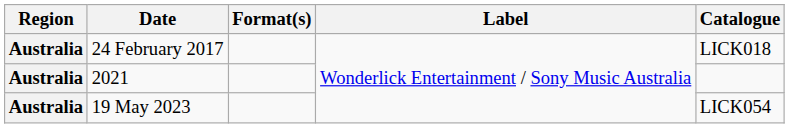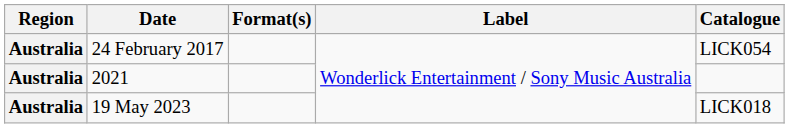 <table class="wikitable plainrowheaders">
 <tr>
 <th scope="col">Region</th>
 <th scope="col">Date</th>
 <th scope="col">Format(s)</th>
 <th scope="col">Label</th>
 <th scope="col">Catalogue</th>
 </tr>
 <tr>
 <th scope="row">Australia</th>
 <td>24 February 2017</td>
 <td></td>
 <td rowspan="3"><a href='#'>Wonderlick Entertainment</a> / <a href='#'>Sony Music Australia</a></td>
-<td>LICK018</td>
+<td>LICK054</td>
 </tr>
 <tr>
 <th scope="row">Australia</th>
 <td>2021</td>
 <td></td>
 <td></td>
 </tr>
 <tr>
 <th scope="row">Australia</th>
 <td>19 May 2023</td>
 <td></td>
-<td>LICK054</td>
+<td>LICK018</td>
 </tr>
 </table>
